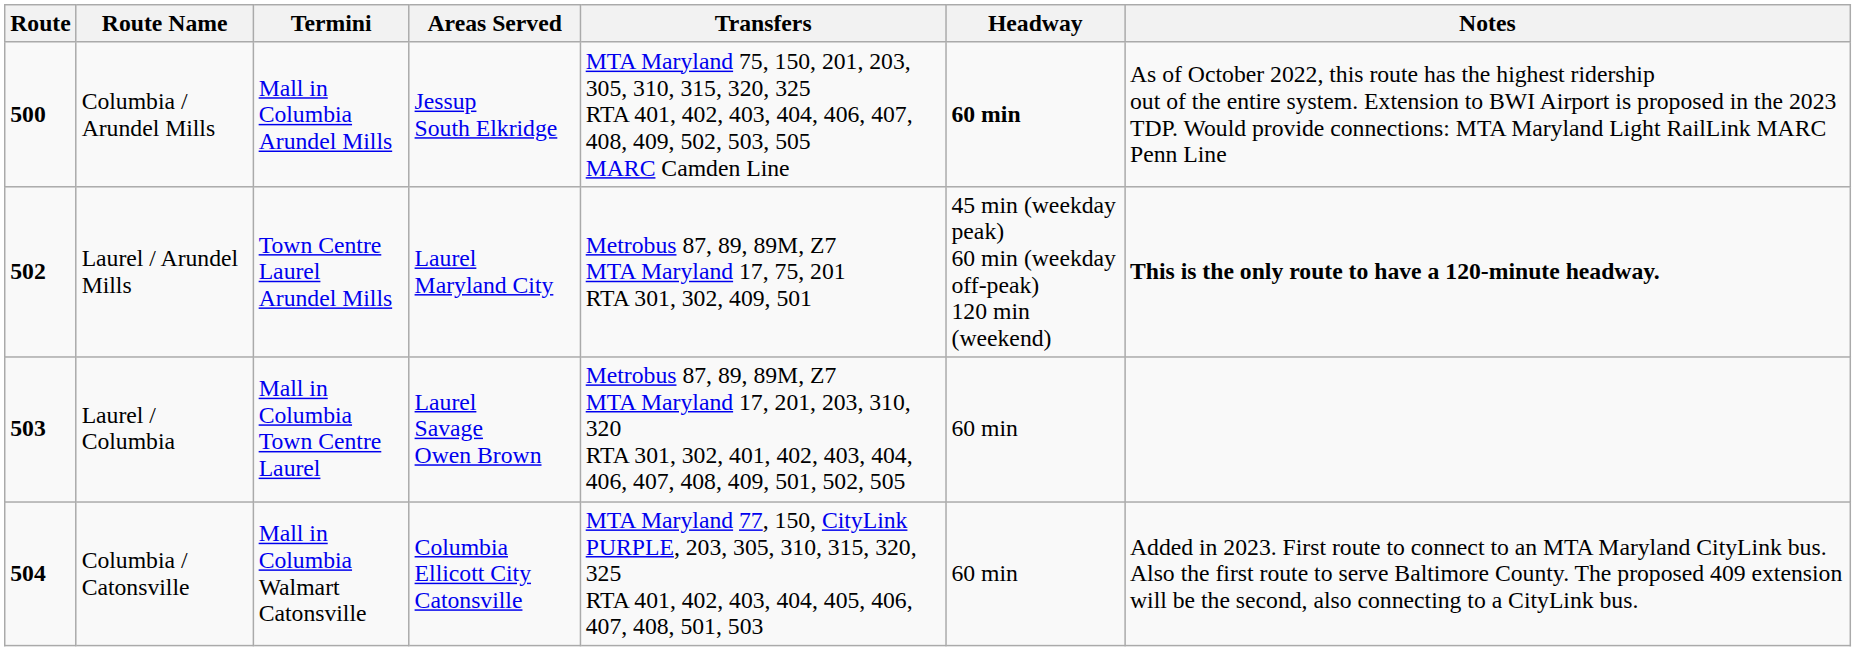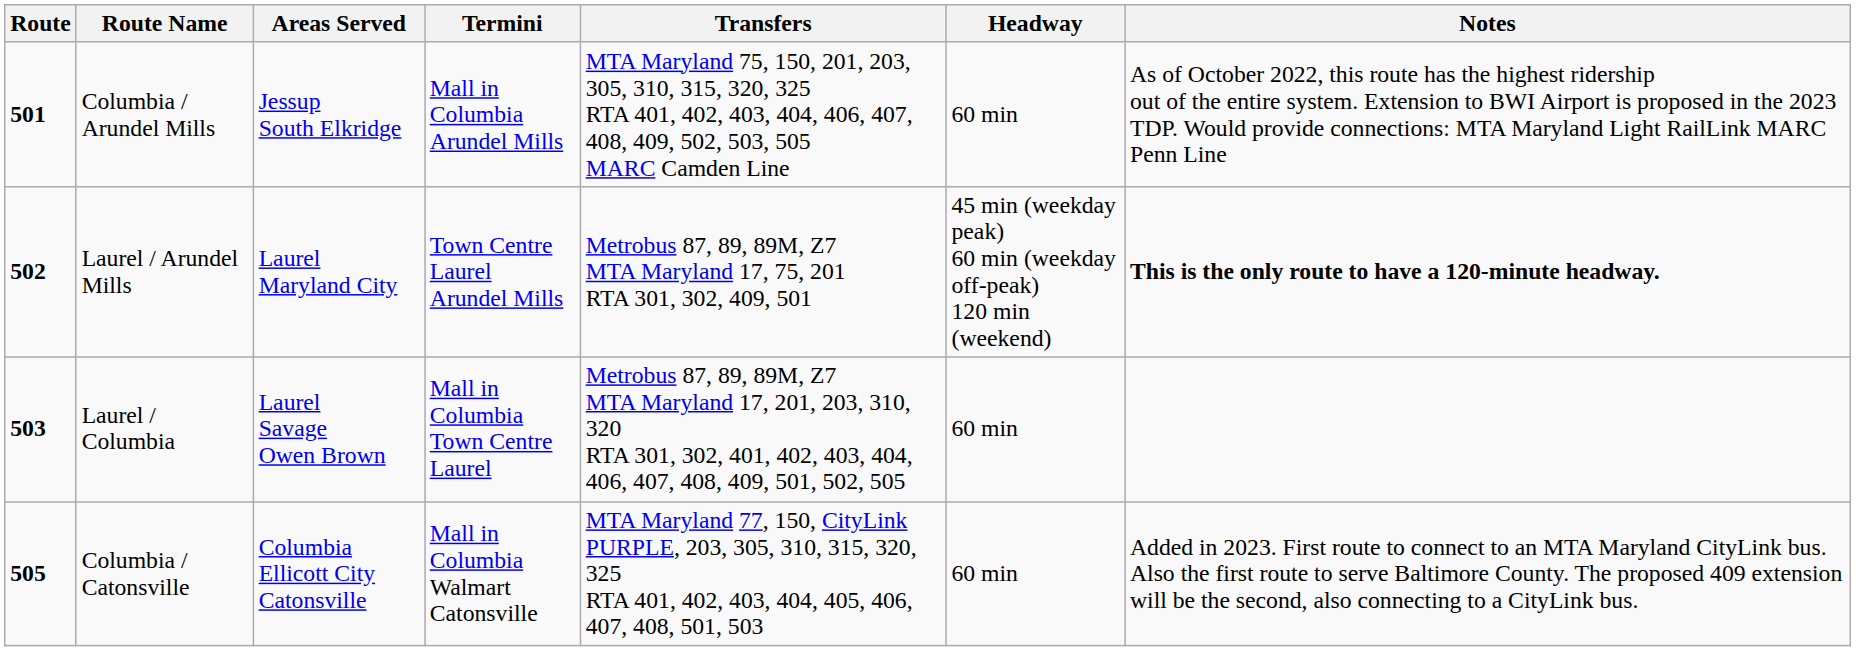 <table class="wikitable">
 <tr>
 <th>Route</th>
 <th><strong>Route Name</strong></th>
+<th>Areas Served</th>
 <th>Termini</th>
-<th>Areas Served</th>
 <th>Transfers</th>
 <th>Headway</th>
 <th>Notes</th>
 </tr>
 <tr>
-<td><strong>500</strong></td>
+<td><strong>501</strong></td>
 <td>Columbia / Arundel Mills</td>
+<td><a href='#'>Jessup</a><br><a href='#'>South Elkridge</a></td>
 <td><a href='#'>Mall in Columbia</a><br><a href='#'>Arundel Mills</a></td>
-<td><a href='#'>Jessup</a><br><a href='#'>South Elkridge</a></td>
 <td><a href='#'>MTA Maryland</a> 75, 150, 201, 203, 305, 310, 315, 320, 325<br>RTA 401, 402, 403, 404, 406, 407, 408, 409, 502, 503, 505<br><a href='#'>MARC</a> Camden Line</td>
-<td><strong>60 min</strong></td>
+<td>60 min</td>
 <td>As of October 2022, this route has the highest ridership<br>out of the entire system. Extension to BWI Airport is proposed in the 2023 TDP. Would provide connections:  MTA Maryland Light RailLink  MARC Penn Line</td>
 </tr>
 <tr>
 <td><strong>502</strong></td>
 <td>Laurel / Arundel Mills</td>
+<td><a href='#'>Laurel</a><br><a href='#'>Maryland City</a></td>
 <td><a href='#'>Town Centre Laurel</a><br><a href='#'>Arundel Mills</a></td>
-<td><a href='#'>Laurel</a><br><a href='#'>Maryland City</a></td>
 <td><a href='#'>Metrobus</a> 87, 89, 89M, Z7<br><a href='#'>MTA Maryland</a> 17, 75, 201<br>RTA 301, 302, 409, 501</td>
 <td>45 min (weekday peak)<br>60 min (weekday off-peak)<br>120 min (weekend)</td>
 <td><strong>This is the only route to have a 120-minute headway.</strong></td>
 </tr>
 <tr>
 <td><strong>503</strong></td>
 <td>Laurel / Columbia</td>
+<td><a href='#'>Laurel</a><br><a href='#'>Savage</a><br><a href='#'>Owen Brown</a></td>
 <td><a href='#'>Mall in Columbia</a><br><a href='#'>Town Centre Laurel</a></td>
-<td><a href='#'>Laurel</a><br><a href='#'>Savage</a><br><a href='#'>Owen Brown</a></td>
 <td><a href='#'>Metrobus</a> 87, 89, 89M, Z7<br><a href='#'>MTA Maryland</a> 17, 201, 203, 310, 320<br>RTA 301, 302, 401, 402, 403, 404, 406, 407, 408, 409, 501, 502, 505</td>
 <td>60 min</td>
 <td></td>
 </tr>
 <tr>
-<td><strong>504</strong></td>
+<td><strong>505</strong></td>
 <td>Columbia / Catonsville</td>
+<td><a href='#'>Columbia</a><br><a href='#'>Ellicott City</a>  <a href='#'>Catonsville</a></td>
 <td><a href='#'>Mall in Columbia</a><br>Walmart Catonsville</td>
-<td><a href='#'>Columbia</a><br><a href='#'>Ellicott City</a>  <a href='#'>Catonsville</a></td>
 <td><a href='#'>MTA Maryland</a> <a href='#'>77</a>, 150, <a href='#'>CityLink PURPLE</a>, 203, 305, 310, 315, 320, 325<br>RTA 401, 402, 403, 404, 405, 406, 407, 408, 501, 503</td>
 <td>60 min</td>
 <td>Added in 2023. First route to connect to an MTA Maryland CityLink bus.<br>Also the first route to serve Baltimore County. The proposed 409 extension  will be the second, also connecting to a CityLink bus.</td>
 </tr>
 </table>
